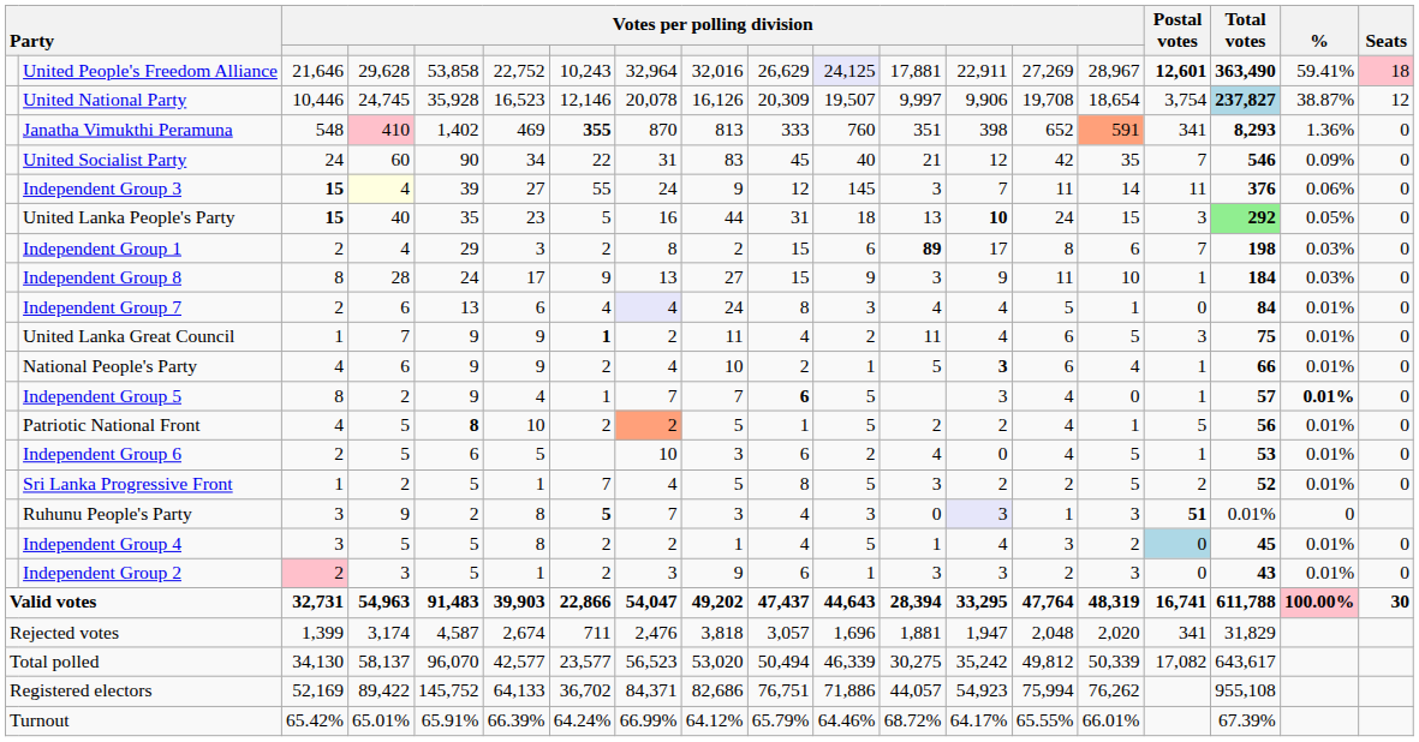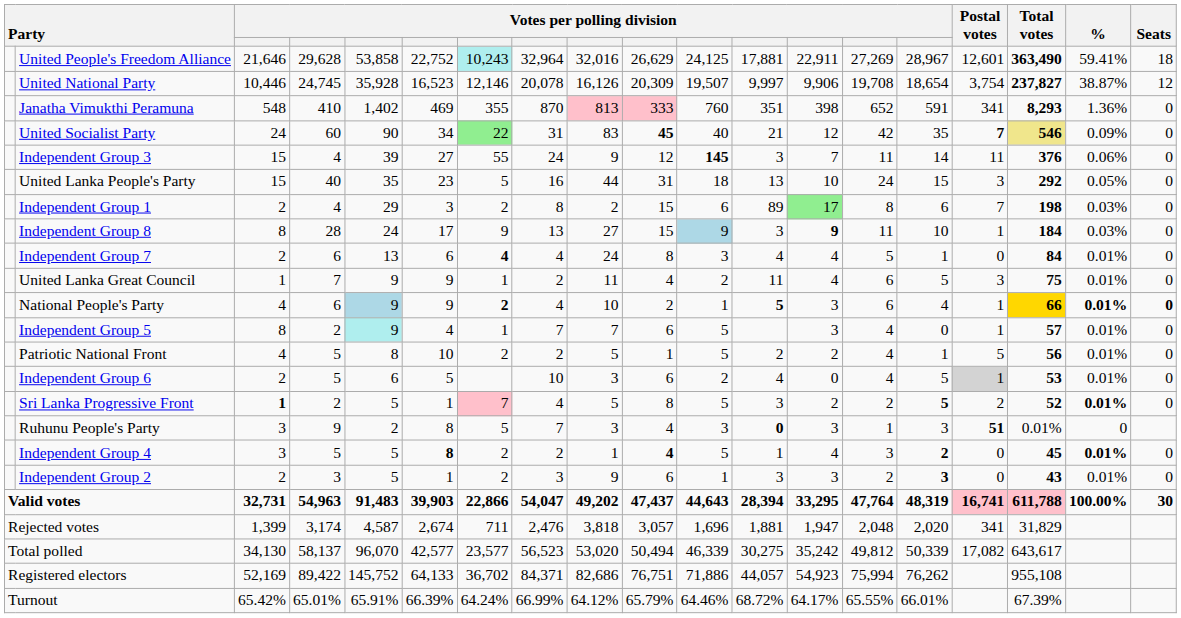 <table class="wikitable" border="1" style="text-align:right;">
 <tr>
 <th style="text-align:left; vertical-align:bottom;" rowspan="2" colspan="2">Party</th>
 <th colspan=13>Votes per polling division</th>
 <th rowspan="2" style="vertical-align:bottom; text-align:center; width:50px;">Postal<br>votes</th>
 <th rowspan="2" style="vertical-align:bottom; text-align:center; width:50px;">Total votes</th>
 <th rowspan="2" style="vertical-align:bottom; text-align:center; width:50px;">%</th>
 <th rowspan="2" style="vertical-align:bottom; text-align:center; width:40px;">Seats</th>
 </tr>
 <tr>
 <th></th>
 <th></th>
 <th></th>
 <th></th>
 <th></th>
 <th></th>
 <th></th>
 <th></th>
 <th></th>
 <th></th>
 <th></th>
 <th></th>
 <th></th>
 </tr>
 <tr>
 <td bgcolor=> </td>
 <td align=left><a href='#'>United People's Freedom Alliance</a></td>
 <td>21,646</td>
 <td>29,628</td>
 <td>53,858</td>
 <td>22,752</td>
-<td>10,243</td>
+<td style="background: paleturquoise;">10,243</td>
 <td>32,964</td>
 <td>32,016</td>
 <td>26,629</td>
-<td style="background: lavender;">24,125</td>
+<td>24,125</td>
 <td>17,881</td>
 <td>22,911</td>
 <td>27,269</td>
 <td>28,967</td>
-<td><strong>12,601</strong></td>
+<td>12,601</td>
 <td><strong>363,490</strong></td>
 <td>59.41%</td>
-<td style="background: pink;">18</td>
+<td>18</td>
 </tr>
 <tr>
 <td bgcolor=> </td>
 <td align=left><a href='#'>United National Party</a></td>
 <td>10,446</td>
 <td>24,745</td>
 <td>35,928</td>
 <td>16,523</td>
 <td>12,146</td>
 <td>20,078</td>
 <td>16,126</td>
 <td>20,309</td>
 <td>19,507</td>
 <td>9,997</td>
 <td>9,906</td>
 <td>19,708</td>
 <td>18,654</td>
 <td>3,754</td>
-<td style="background: lightblue;"><strong>237,827</strong></td>
+<td><strong>237,827</strong></td>
 <td>38.87%</td>
 <td>12</td>
 </tr>
 <tr>
 <td bgcolor=> </td>
 <td align=left><a href='#'>Janatha Vimukthi Peramuna</a></td>
 <td>548</td>
-<td style="background: pink;">410</td>
+<td>410</td>
 <td>1,402</td>
 <td>469</td>
-<td><strong>355</strong></td>
+<td>355</td>
 <td>870</td>
-<td>813</td>
-<td>333</td>
+<td style="background: pink;">813</td>
+<td style="background: pink;">333</td>
 <td>760</td>
 <td>351</td>
 <td>398</td>
 <td>652</td>
-<td style="background: lightsalmon;">591</td>
+<td>591</td>
 <td>341</td>
 <td><strong>8,293</strong></td>
 <td>1.36%</td>
 <td>0</td>
 </tr>
 <tr>
 <td bgcolor=> </td>
 <td align=left><a href='#'>United Socialist Party</a></td>
 <td>24</td>
 <td>60</td>
 <td>90</td>
 <td>34</td>
-<td>22</td>
+<td style="background: lightgreen;">22</td>
 <td>31</td>
 <td>83</td>
-<td>45</td>
+<td><strong>45</strong></td>
 <td>40</td>
 <td>21</td>
 <td>12</td>
 <td>42</td>
 <td>35</td>
-<td>7</td>
-<td><strong>546</strong></td>
+<td><strong>7</strong></td>
+<td style="background: khaki;"><strong>546</strong></td>
 <td>0.09%</td>
 <td>0</td>
 </tr>
 <tr>
 <td bgcolor=> </td>
 <td align=left><a href='#'>Independent Group 3</a></td>
-<td><strong>15</strong></td>
-<td style="background: lightyellow;">4</td>
+<td>15</td>
+<td>4</td>
 <td>39</td>
 <td>27</td>
 <td>55</td>
 <td>24</td>
 <td>9</td>
 <td>12</td>
-<td>145</td>
+<td><strong>145</strong></td>
 <td>3</td>
 <td>7</td>
 <td>11</td>
 <td>14</td>
 <td>11</td>
 <td><strong>376</strong></td>
 <td>0.06%</td>
 <td>0</td>
 </tr>
 <tr>
 <td bgcolor=> </td>
 <td align=left>United Lanka People's Party</td>
-<td><strong>15</strong></td>
+<td>15</td>
 <td>40</td>
 <td>35</td>
 <td>23</td>
 <td>5</td>
 <td>16</td>
 <td>44</td>
 <td>31</td>
 <td>18</td>
 <td>13</td>
-<td><strong>10</strong></td>
+<td>10</td>
 <td>24</td>
 <td>15</td>
 <td>3</td>
-<td style="background: lightgreen;"><strong>292</strong></td>
+<td><strong>292</strong></td>
 <td>0.05%</td>
 <td>0</td>
 </tr>
 <tr>
 <td bgcolor=> </td>
 <td align=left><a href='#'>Independent Group 1</a></td>
 <td>2</td>
 <td>4</td>
 <td>29</td>
 <td>3</td>
 <td>2</td>
 <td>8</td>
 <td>2</td>
 <td>15</td>
 <td>6</td>
-<td><strong>89</strong></td>
-<td>17</td>
+<td>89</td>
+<td style="background: lightgreen;">17</td>
 <td>8</td>
 <td>6</td>
 <td>7</td>
 <td><strong>198</strong></td>
 <td>0.03%</td>
 <td>0</td>
 </tr>
 <tr>
 <td bgcolor=> </td>
 <td align=left><a href='#'>Independent Group 8</a></td>
 <td>8</td>
 <td>28</td>
 <td>24</td>
 <td>17</td>
 <td>9</td>
 <td>13</td>
 <td>27</td>
 <td>15</td>
-<td>9</td>
+<td style="background: lightblue;">9</td>
 <td>3</td>
-<td>9</td>
+<td><strong>9</strong></td>
 <td>11</td>
 <td>10</td>
 <td>1</td>
 <td><strong>184</strong></td>
 <td>0.03%</td>
 <td>0</td>
 </tr>
 <tr>
 <td bgcolor=> </td>
 <td align=left><a href='#'>Independent Group 7</a></td>
 <td>2</td>
 <td>6</td>
 <td>13</td>
 <td>6</td>
+<td><strong>4</strong></td>
 <td>4</td>
-<td style="background: lavender;">4</td>
 <td>24</td>
 <td>8</td>
 <td>3</td>
 <td>4</td>
 <td>4</td>
 <td>5</td>
 <td>1</td>
 <td>0</td>
 <td><strong>84</strong></td>
 <td>0.01%</td>
 <td>0</td>
 </tr>
 <tr>
 <td bgcolor=> </td>
 <td align=left>United Lanka Great Council</td>
 <td>1</td>
 <td>7</td>
 <td>9</td>
 <td>9</td>
-<td><strong>1</strong></td>
+<td>1</td>
 <td>2</td>
 <td>11</td>
 <td>4</td>
 <td>2</td>
 <td>11</td>
 <td>4</td>
 <td>6</td>
 <td>5</td>
 <td>3</td>
 <td><strong>75</strong></td>
 <td>0.01%</td>
 <td>0</td>
 </tr>
 <tr>
 <td bgcolor=> </td>
 <td align=left>National People's Party</td>
 <td>4</td>
 <td>6</td>
+<td style="background: lightblue;">9</td>
 <td>9</td>
-<td>9</td>
-<td>2</td>
+<td><strong>2</strong></td>
 <td>4</td>
 <td>10</td>
 <td>2</td>
 <td>1</td>
-<td>5</td>
-<td><strong>3</strong></td>
+<td><strong>5</strong></td>
+<td>3</td>
 <td>6</td>
 <td>4</td>
 <td>1</td>
-<td><strong>66</strong></td>
-<td>0.01%</td>
-<td>0</td>
+<td style="background: gold;"><strong>66</strong></td>
+<td><strong>0.01%</strong></td>
+<td><strong>0</strong></td>
 </tr>
 <tr>
 <td bgcolor=> </td>
 <td align=left><a href='#'>Independent Group 5</a></td>
 <td>8</td>
 <td>2</td>
-<td>9</td>
+<td style="background: paleturquoise;">9</td>
 <td>4</td>
 <td>1</td>
 <td>7</td>
 <td>7</td>
-<td><strong>6</strong></td>
+<td>6</td>
 <td>5</td>
 <td></td>
 <td>3</td>
 <td>4</td>
 <td>0</td>
 <td>1</td>
 <td><strong>57</strong></td>
-<td><strong>0.01%</strong></td>
+<td>0.01%</td>
 <td>0</td>
 </tr>
 <tr>
 <td bgcolor=> </td>
 <td align=left>Patriotic National Front</td>
 <td>4</td>
 <td>5</td>
-<td><strong>8</strong></td>
+<td>8</td>
 <td>10</td>
 <td>2</td>
-<td style="background: lightsalmon;">2</td>
+<td>2</td>
 <td>5</td>
 <td>1</td>
 <td>5</td>
 <td>2</td>
 <td>2</td>
 <td>4</td>
 <td>1</td>
 <td>5</td>
 <td><strong>56</strong></td>
 <td>0.01%</td>
 <td>0</td>
 </tr>
 <tr>
 <td bgcolor=> </td>
 <td align=left><a href='#'>Independent Group 6</a></td>
 <td>2</td>
 <td>5</td>
 <td>6</td>
 <td>5</td>
 <td></td>
 <td>10</td>
 <td>3</td>
 <td>6</td>
 <td>2</td>
 <td>4</td>
 <td>0</td>
 <td>4</td>
 <td>5</td>
-<td>1</td>
+<td style="background: lightgrey;">1</td>
 <td><strong>53</strong></td>
 <td>0.01%</td>
 <td>0</td>
 </tr>
 <tr>
 <td bgcolor=> </td>
 <td align=left><a href='#'>Sri Lanka Progressive Front</a></td>
-<td>1</td>
+<td><strong>1</strong></td>
 <td>2</td>
 <td>5</td>
 <td>1</td>
-<td>7</td>
+<td style="background: pink;">7</td>
 <td>4</td>
 <td>5</td>
 <td>8</td>
 <td>5</td>
 <td>3</td>
 <td>2</td>
 <td>2</td>
-<td>5</td>
+<td><strong>5</strong></td>
 <td>2</td>
 <td><strong>52</strong></td>
-<td>0.01%</td>
+<td><strong>0.01%</strong></td>
 <td>0</td>
 </tr>
 <tr>
 <td bgcolor=> </td>
 <td align=left>Ruhunu People's Party</td>
 <td 0>3</td>
 <td>9</td>
 <td>2</td>
 <td>8</td>
-<td><strong>5</strong></td>
+<td>5</td>
 <td>7</td>
 <td>3</td>
 <td>4</td>
 <td>3</td>
-<td>0</td>
-<td style="background: lavender;">3</td>
+<td><strong>0</strong></td>
+<td>3</td>
 <td>1</td>
 <td>3</td>
 <td><strong>51</strong></td>
 <td>0.01%</td>
 <td>0</td>
 </tr>
 <tr>
 <td bgcolor=> </td>
 <td align=left><a href='#'>Independent Group 4</a></td>
 <td>3</td>
 <td>5</td>
 <td>5</td>
-<td>8</td>
+<td><strong>8</strong></td>
 <td>2</td>
 <td>2</td>
 <td>1</td>
-<td>4</td>
+<td><strong>4</strong></td>
 <td>5</td>
 <td>1</td>
 <td>4</td>
 <td>3</td>
-<td>2</td>
-<td style="background: lightblue;">0</td>
+<td><strong>2</strong></td>
+<td>0</td>
 <td><strong>45</strong></td>
-<td>0.01%</td>
+<td><strong>0.01%</strong></td>
 <td>0</td>
 </tr>
 <tr>
 <td bgcolor=> </td>
 <td align=left><a href='#'>Independent Group 2</a></td>
-<td style="background: pink;">2</td>
+<td>2</td>
 <td>3</td>
 <td>5</td>
 <td>1</td>
 <td>2</td>
 <td>3</td>
 <td>9</td>
 <td>6</td>
 <td>1</td>
 <td>3</td>
 <td>3</td>
 <td>2</td>
-<td>3</td>
+<td><strong>3</strong></td>
 <td>0</td>
 <td><strong>43</strong></td>
 <td>0.01%</td>
 <td>0</td>
 </tr>
 <tr>
 <td align=left colspan=2><strong>Valid votes</strong></td>
 <td><strong>32,731</strong></td>
 <td><strong>54,963</strong></td>
 <td><strong>91,483</strong></td>
 <td><strong>39,903</strong></td>
 <td><strong>22,866</strong></td>
 <td><strong>54,047</strong></td>
 <td><strong>49,202</strong></td>
 <td><strong>47,437</strong></td>
 <td><strong>44,643</strong></td>
 <td><strong>28,394</strong></td>
 <td><strong>33,295</strong></td>
 <td><strong>47,764</strong></td>
 <td><strong>48,319</strong></td>
-<td><strong>16,741</strong></td>
-<td><strong>611,788</strong></td>
-<td style="background: pink;"><strong>100.00%</strong></td>
+<td style="background: pink;"><strong>16,741</strong></td>
+<td style="background: pink;"><strong>611,788</strong></td>
+<td><strong>100.00%</strong></td>
 <td><strong>30</strong></td>
 </tr>
 <tr>
 <td align=left colspan=2>Rejected votes</td>
 <td>1,399</td>
 <td>3,174</td>
 <td>4,587</td>
 <td>2,674</td>
 <td>711</td>
 <td>2,476</td>
 <td>3,818</td>
 <td>3,057</td>
 <td>1,696</td>
 <td>1,881</td>
 <td>1,947</td>
 <td>2,048</td>
 <td>2,020</td>
 <td>341</td>
 <td>31,829</td>
 <td></td>
 <td></td>
 </tr>
 <tr>
 <td align=left colspan=2>Total polled</td>
 <td>34,130</td>
 <td>58,137</td>
 <td>96,070</td>
 <td>42,577</td>
 <td>23,577</td>
 <td>56,523</td>
 <td>53,020</td>
 <td>50,494</td>
 <td>46,339</td>
 <td>30,275</td>
 <td>35,242</td>
 <td>49,812</td>
 <td>50,339</td>
 <td>17,082</td>
 <td>643,617</td>
 <td></td>
 <td></td>
 </tr>
 <tr>
 <td align=left colspan=2>Registered electors</td>
 <td>52,169</td>
 <td>89,422</td>
 <td>145,752</td>
 <td>64,133</td>
 <td>36,702</td>
 <td>84,371</td>
 <td>82,686</td>
 <td>76,751</td>
 <td>71,886</td>
 <td>44,057</td>
 <td>54,923</td>
 <td>75,994</td>
 <td>76,262</td>
 <td></td>
 <td>955,108</td>
 <td></td>
 <td></td>
 </tr>
 <tr>
 <td align=left colspan=2>Turnout</td>
 <td>65.42%</td>
 <td>65.01%</td>
 <td>65.91%</td>
 <td>66.39%</td>
 <td>64.24%</td>
 <td>66.99%</td>
 <td>64.12%</td>
 <td>65.79%</td>
 <td>64.46%</td>
 <td>68.72%</td>
 <td>64.17%</td>
 <td>65.55%</td>
 <td>66.01%</td>
 <td></td>
 <td>67.39%</td>
 <td></td>
 <td></td>
 </tr>
 </table>
